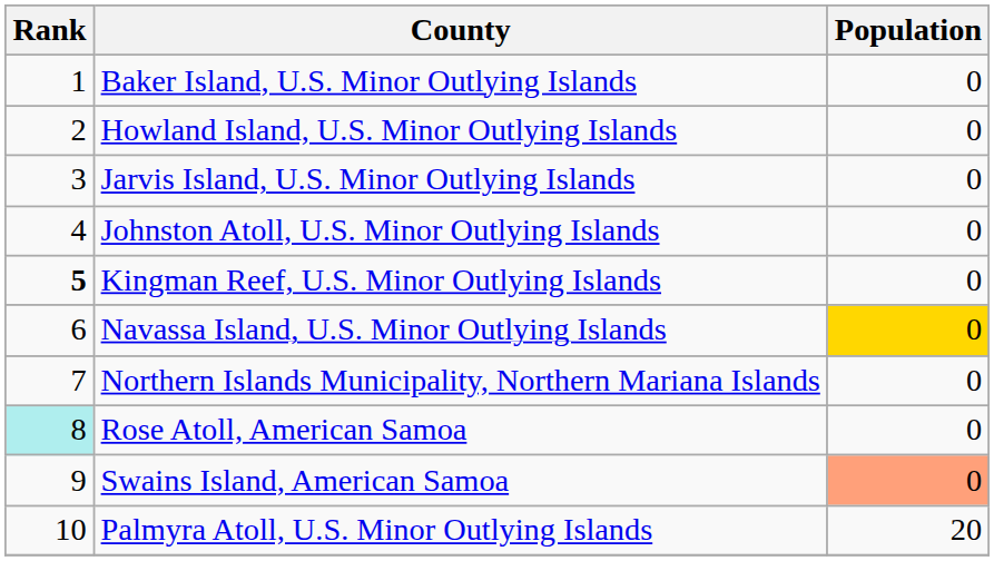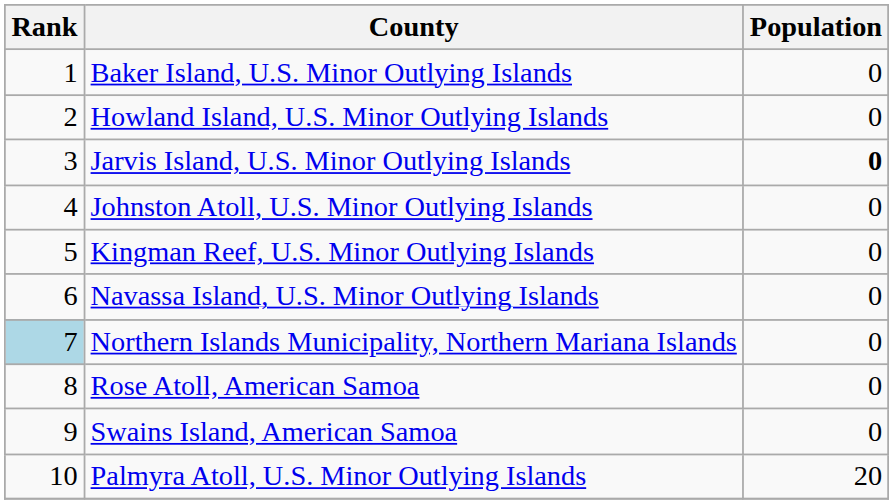 <table class="wikitable sortable">
 <tr>
 <th>Rank</th>
 <th>County</th>
 <th>Population</th>
 </tr>
 <tr>
 <td align="right">1</td>
 <td><a href='#'>Baker Island, U.S. Minor Outlying Islands</a></td>
 <td align="right">0</td>
 </tr>
 <tr>
 <td align="right">2</td>
 <td><a href='#'>Howland Island, U.S. Minor Outlying Islands</a></td>
 <td align="right">0</td>
 </tr>
 <tr>
 <td align="right">3</td>
 <td><a href='#'>Jarvis Island, U.S. Minor Outlying Islands</a></td>
-<td align="right">0</td>
+<td align="right"><strong>0</strong></td>
 </tr>
 <tr>
 <td align="right">4</td>
 <td><a href='#'>Johnston Atoll, U.S. Minor Outlying Islands</a></td>
 <td align="right">0</td>
 </tr>
 <tr>
-<td align="right"><strong>5</strong></td>
+<td align="right">5</td>
 <td><a href='#'>Kingman Reef, U.S. Minor Outlying Islands</a></td>
 <td align="right">0</td>
 </tr>
 <tr>
 <td align="right">6</td>
 <td><a href='#'>Navassa Island, U.S. Minor Outlying Islands</a></td>
-<td align="right" style="background: gold;">0</td>
+<td align="right">0</td>
 </tr>
 <tr>
-<td align="right">7</td>
+<td align="right" style="background: lightblue;">7</td>
 <td><a href='#'>Northern Islands Municipality, Northern Mariana Islands</a></td>
 <td align="right">0</td>
 </tr>
 <tr>
-<td align="right" style="background: paleturquoise;">8</td>
+<td align="right">8</td>
 <td><a href='#'>Rose Atoll, American Samoa</a></td>
 <td align="right">0</td>
 </tr>
 <tr>
 <td align="right">9</td>
 <td><a href='#'>Swains Island, American Samoa</a></td>
-<td align="right" style="background: lightsalmon;">0</td>
+<td align="right">0</td>
 </tr>
 <tr>
 <td align="right">10</td>
 <td><a href='#'>Palmyra Atoll, U.S. Minor Outlying Islands</a></td>
 <td align="right">20 </td>
 </tr>
 <tr>
 </tr>
 </table>
